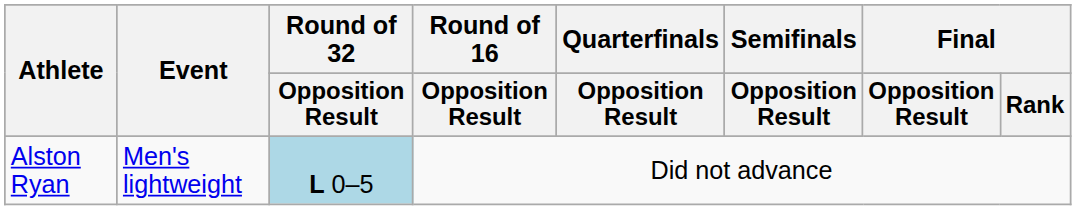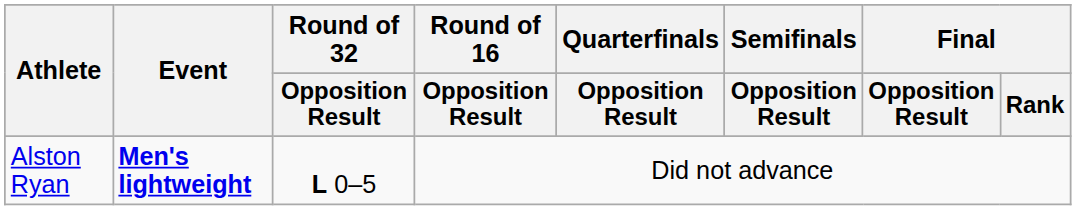 <table class="wikitable" style="font-size:90%">
 <tr>
 <th rowspan="2">Athlete</th>
 <th rowspan="2">Event</th>
 <th>Round of 32</th>
 <th>Round of 16</th>
 <th>Quarterfinals</th>
 <th>Semifinals</th>
 <th colspan=2>Final</th>
 </tr>
 <tr style="font-size:95%">
 <th>Opposition<br>Result</th>
 <th>Opposition<br>Result</th>
 <th>Opposition<br>Result</th>
 <th>Opposition<br>Result</th>
 <th>Opposition<br>Result</th>
 <th>Rank</th>
 </tr>
 <tr align=center>
 <td align=left><a href='#'>Alston Ryan</a></td>
-<td align=left><a href='#'>Men's lightweight</a></td>
-<td style="background: lightblue;"><br><strong>L</strong> 0–5</td>
+<td align=left><strong><a href='#'>Men's lightweight</a></strong></td>
+<td><br><strong>L</strong> 0–5</td>
 <td colspan=5>Did not advance</td>
 </tr>
 </table>
